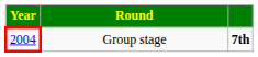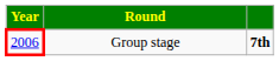 <table class="wikitable" style="text-align: center; font-size:90%">
 <tr style="color:yellow;">
 <th style="background:green;">Year</th>
 <th style="background:green; width:200px">Round</th>
 <th style="background:green;"></th>
 </tr>
 <tr>
-<td style="border: 3px solid red"><a href='#'>2004</a></td>
+<td style="border: 3px solid red"><a href='#'>2006</a></td>
 <td>Group stage</td>
 <td><strong>7th</strong></td>
 </tr>
 </table>
